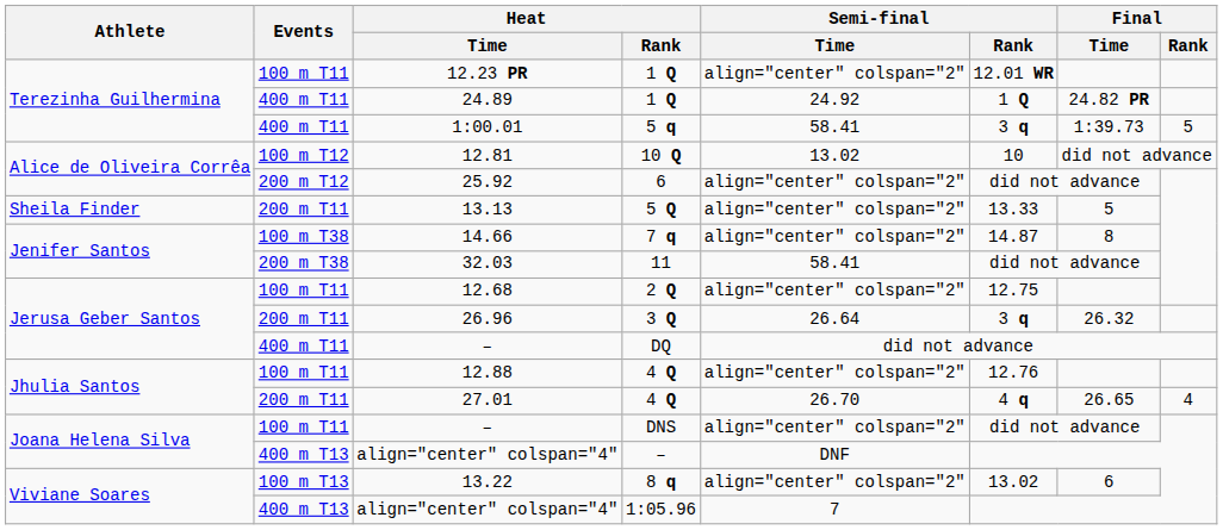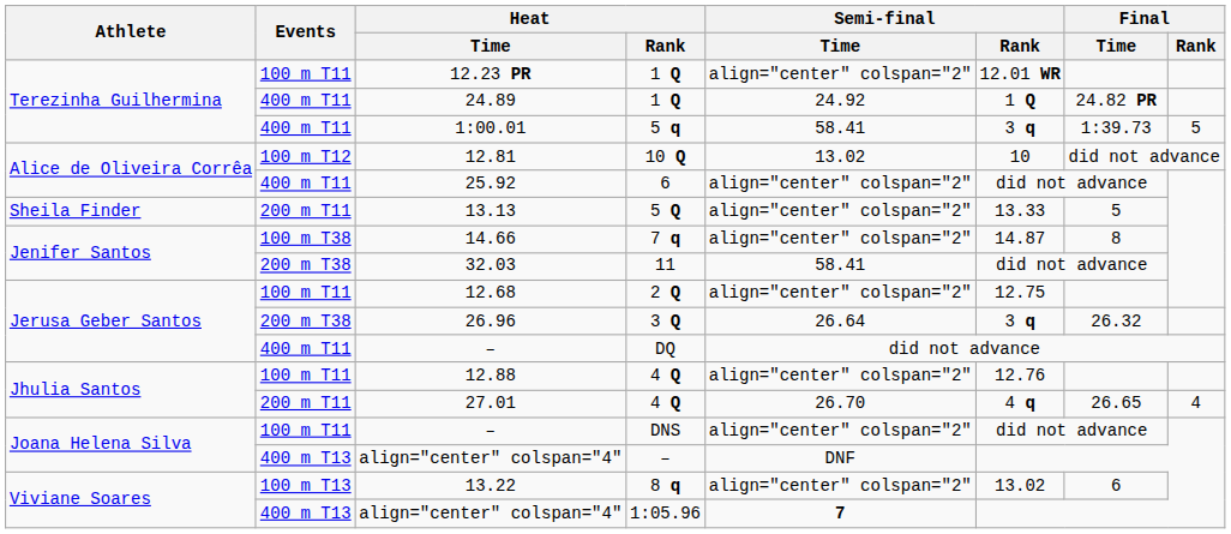 <table class=wikitable>
 <tr>
 <th rowspan="2">Athlete</th>
 <th rowspan="2">Events</th>
 <th colspan="2">Heat</th>
 <th colspan="2">Semi-final</th>
 <th colspan="2">Final</th>
 </tr>
 <tr>
 <th>Time</th>
 <th>Rank</th>
 <th>Time</th>
 <th>Rank</th>
 <th>Time</th>
 <th>Rank</th>
 </tr>
 <tr>
 <td rowspan="3"><a href='#'>Terezinha Guilhermina</a></td>
 <td><a href='#'>100 m T11</a></td>
 <td align="center">12.23 <strong>PR</strong></td>
 <td align="center">1 <strong>Q</strong></td>
 <td>align="center" colspan="2" </td>
 <td align="center">12.01 <strong>WR</strong></td>
 <td align="center"></td>
 </tr>
 <tr>
 <td><a href='#'>400 m T11</a></td>
 <td align="center">24.89</td>
 <td align="center">1 <strong>Q</strong></td>
 <td align="center">24.92</td>
 <td align="center">1 <strong>Q</strong></td>
 <td align="center">24.82 <strong>PR</strong></td>
 <td align="center"></td>
 </tr>
 <tr>
 <td><a href='#'>400 m T11</a></td>
 <td align="center">1:00.01</td>
 <td align="center">5 <strong>q</strong></td>
 <td align="center">58.41</td>
 <td align="center">3 <strong>q</strong></td>
 <td align="center">1:39.73</td>
 <td align="center">5</td>
 </tr>
 <tr>
 <td rowspan="2"><a href='#'>Alice de Oliveira Corrêa</a></td>
 <td><a href='#'>100 m T12</a></td>
 <td align="center">12.81</td>
 <td align="center">10 <strong>Q</strong></td>
 <td align="center">13.02</td>
 <td align="center">10</td>
 <td align="center" colspan="2">did not advance</td>
 </tr>
 <tr>
-<td><a href='#'>200 m T12</a></td>
+<td><a href='#'>400 m T11</a></td>
 <td align="center">25.92</td>
 <td align="center">6</td>
 <td>align="center" colspan="2" </td>
 <td align="center" colspan="2">did not advance</td>
 </tr>
 <tr>
 <td><a href='#'>Sheila Finder</a></td>
 <td><a href='#'>200 m T11</a></td>
 <td align="center">13.13</td>
 <td align="center">5 <strong>Q</strong></td>
 <td>align="center" colspan="2" </td>
 <td align="center">13.33</td>
 <td align="center">5</td>
 </tr>
 <tr>
 <td rowspan="2"><a href='#'>Jenifer Santos</a></td>
 <td><a href='#'>100 m T38</a></td>
 <td align="center">14.66</td>
 <td align="center">7 <strong>q</strong></td>
 <td>align="center" colspan="2" </td>
 <td align="center">14.87</td>
 <td align="center">8</td>
 </tr>
 <tr>
 <td><a href='#'>200 m T38</a></td>
 <td align="center">32.03</td>
 <td align="center">11</td>
 <td align="center">58.41</td>
 <td align="center" colspan="2">did not advance</td>
 </tr>
 <tr>
 <td rowspan="3"><a href='#'>Jerusa Geber Santos</a></td>
 <td><a href='#'>100 m T11</a></td>
 <td align="center">12.68</td>
 <td align="center">2 <strong>Q</strong></td>
 <td>align="center" colspan="2" </td>
 <td align="center">12.75</td>
 <td align="center"></td>
 </tr>
 <tr>
-<td><a href='#'>200 m T11</a></td>
+<td><a href='#'>200 m T38</a></td>
 <td align="center">26.96</td>
 <td align="center">3 <strong>Q</strong></td>
 <td align="center">26.64</td>
 <td align="center">3 <strong>q</strong></td>
 <td align="center">26.32</td>
 <td align="center"></td>
 </tr>
 <tr>
 <td><a href='#'>400 m T11</a></td>
 <td align="center">–</td>
 <td align="center">DQ</td>
 <td align="center" colspan="4">did not advance</td>
 </tr>
 <tr>
 <td rowspan="2"><a href='#'>Jhulia Santos</a></td>
 <td><a href='#'>100 m T11</a></td>
 <td align="center">12.88</td>
 <td align="center">4 <strong>Q</strong></td>
 <td>align="center" colspan="2" </td>
 <td align="center">12.76</td>
 <td align="center"></td>
 </tr>
 <tr>
 <td><a href='#'>200 m T11</a></td>
 <td align="center">27.01</td>
 <td align="center">4 <strong>Q</strong></td>
 <td align="center">26.70</td>
 <td align="center">4 <strong>q</strong></td>
 <td align="center">26.65</td>
 <td align="center">4</td>
 </tr>
 <tr>
 <td rowspan="2"><a href='#'>Joana Helena Silva</a></td>
 <td><a href='#'>100 m T11</a></td>
 <td align="center">–</td>
 <td align="center">DNS</td>
 <td>align="center" colspan="2" </td>
 <td align="center" colspan="2">did not advance</td>
 </tr>
 <tr>
 <td><a href='#'>400 m T13</a></td>
 <td>align="center" colspan="4" </td>
 <td align="center">–</td>
 <td align="center">DNF</td>
 </tr>
 <tr>
 <td rowspan="2"><a href='#'>Viviane Soares</a></td>
 <td><a href='#'>100 m T13</a></td>
 <td align="center">13.22</td>
 <td align="center">8 <strong>q</strong></td>
 <td>align="center" colspan="2" </td>
 <td align="center">13.02</td>
 <td align="center">6</td>
 </tr>
 <tr>
 <td><a href='#'>400 m T13</a></td>
 <td>align="center" colspan="4" </td>
 <td align="center">1:05.96</td>
-<td align="center">7</td>
+<td align="center"><strong>7</strong></td>
 </tr>
 </table>
